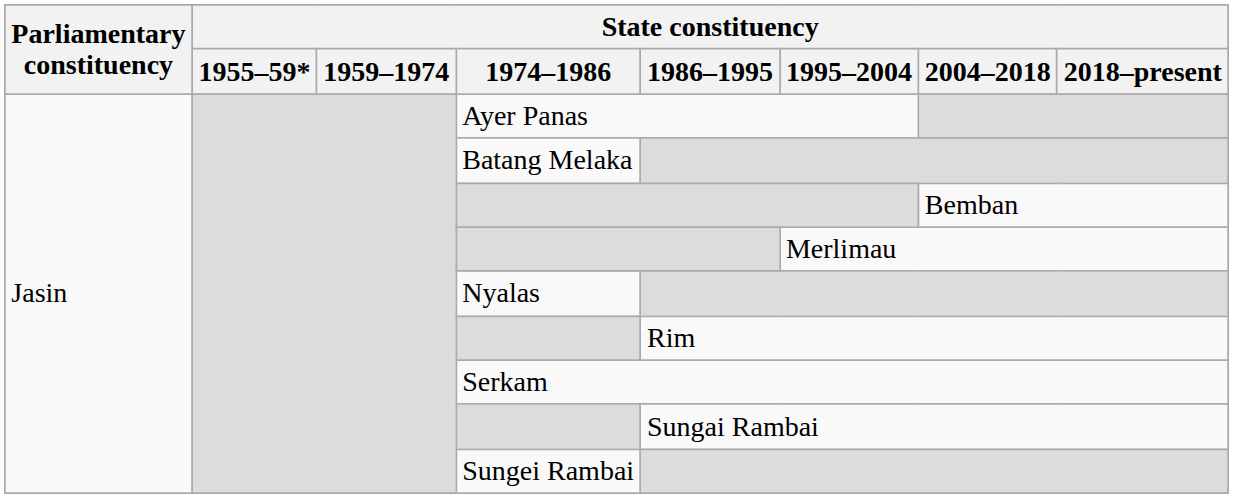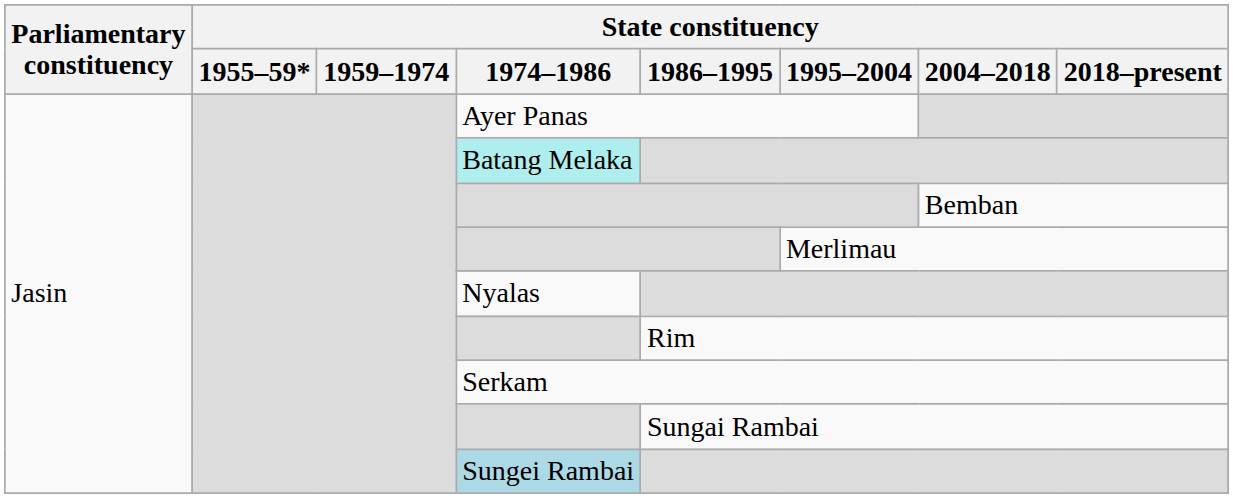 <table class="wikitable">
 <tr>
 <th rowspan="2">Parliamentary<br>constituency</th>
 <th colspan="7">State constituency</th>
 </tr>
 <tr>
 <th>1955–59*</th>
 <th>1959–1974</th>
 <th>1974–1986</th>
 <th>1986–1995</th>
 <th>1995–2004</th>
 <th>2004–2018</th>
 <th>2018–present</th>
 </tr>
 <tr>
 <td rowspan="9">Jasin</td>
 <td colspan="2" rowspan="9" bgcolor="dcdcdc"></td>
 <td colspan="3">Ayer Panas</td>
 <td colspan="2" bgcolor="dcdcdc"></td>
 </tr>
 <tr>
-<td>Batang Melaka</td>
+<td style="background: paleturquoise;">Batang Melaka</td>
 <td colspan="4" bgcolor="dcdcdc"></td>
 </tr>
 <tr>
 <td colspan="3" bgcolor="dcdcdc"></td>
 <td colspan="2">Bemban</td>
 </tr>
 <tr>
 <td colspan="2" bgcolor="dcdcdc"></td>
 <td colspan="3">Merlimau</td>
 </tr>
 <tr>
 <td>Nyalas</td>
 <td colspan="4" bgcolor="dcdcdc"></td>
 </tr>
 <tr>
 <td bgcolor="dcdcdc"></td>
 <td colspan="4">Rim</td>
 </tr>
 <tr>
 <td colspan="5">Serkam</td>
 </tr>
 <tr>
 <td bgcolor="dcdcdc"></td>
 <td colspan="4">Sungai Rambai</td>
 </tr>
 <tr>
-<td>Sungei Rambai</td>
+<td style="background: lightblue;">Sungei Rambai</td>
 <td colspan="4" bgcolor="dcdcdc"></td>
 </tr>
 </table>
